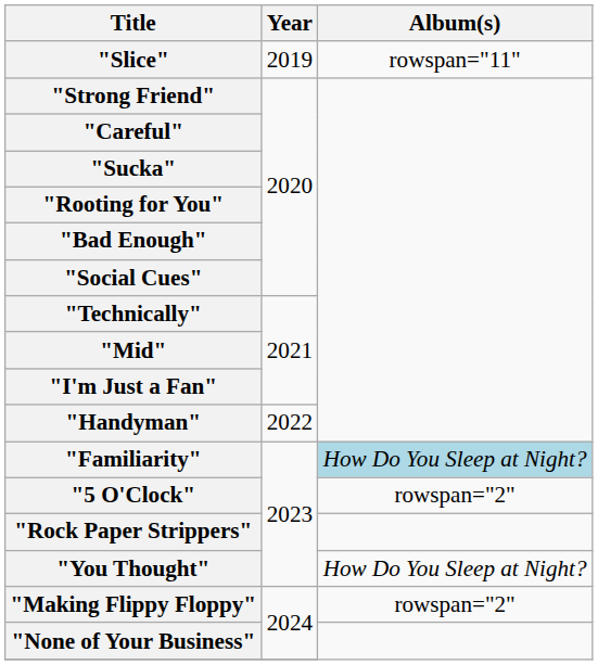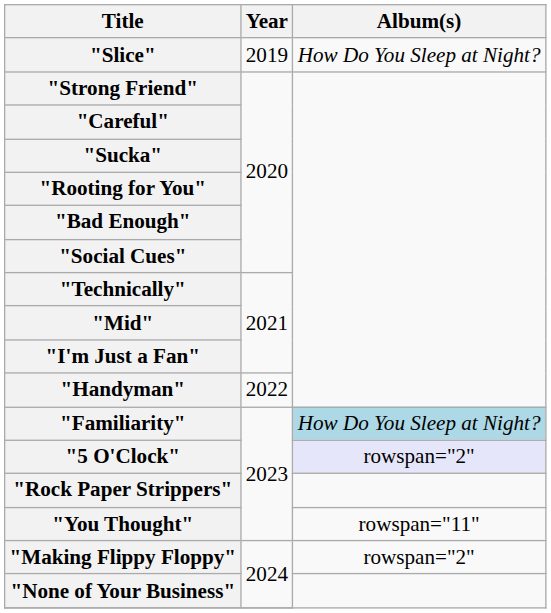 <table class="wikitable plainrowheaders" style="text-align:center;">
 <tr>
 <th scope="col">Title</th>
 <th scope="col">Year</th>
 <th scope="col">Album(s)</th>
 </tr>
 <tr>
 <th scope="row">"Slice"</th>
 <td>2019</td>
-<td>rowspan="11" </td>
+<td><em>How Do You Sleep at Night?</em></td>
 </tr>
 <tr>
 <th scope="row">"Strong Friend"</th>
 <td rowspan="6">2020</td>
 </tr>
 <tr>
 <th scope="row">"Careful"</th>
 </tr>
 <tr>
 <th scope="row">"Sucka"<br></th>
 </tr>
 <tr>
 <th scope="row">"Rooting for You"</th>
 </tr>
 <tr>
 <th scope="row">"Bad Enough"<br></th>
 </tr>
 <tr>
 <th scope="row">"Social Cues"</th>
 </tr>
 <tr>
 <th scope="row">"Technically"</th>
 <td rowspan="3">2021</td>
 </tr>
 <tr>
 <th scope="row">"Mid"</th>
 </tr>
 <tr>
 <th scope="row">"I'm Just a Fan"</th>
 </tr>
 <tr>
 <th scope="row">"Handyman"<br></th>
 <td>2022</td>
 </tr>
 <tr>
 <th scope="row">"Familiarity"</th>
 <td rowspan="4">2023</td>
 <td style="background: lightblue;"><em>How Do You Sleep at Night?</em></td>
 </tr>
 <tr>
 <th scope="row">"5 O'Clock"</th>
-<td>rowspan="2" </td>
+<td style="background: lavender;">rowspan="2" </td>
 </tr>
 <tr>
 <th scope="row">"Rock Paper Strippers"</th>
 </tr>
 <tr>
 <th scope="row">"You Thought"<br></th>
-<td><em>How Do You Sleep at Night?</em></td>
+<td>rowspan="11" </td>
 </tr>
 <tr>
 <th scope="row">"Making Flippy Floppy"</th>
 <td rowspan="2">2024</td>
 <td>rowspan="2" </td>
 </tr>
 <tr>
 <th scope="row">"None of Your Business"<br></th>
 </tr>
 <tr>
 </tr>
 </table>
